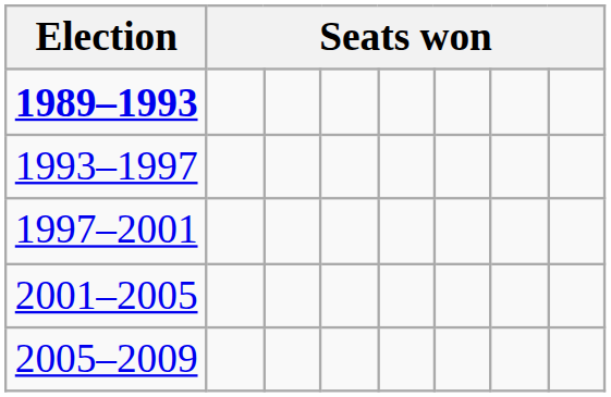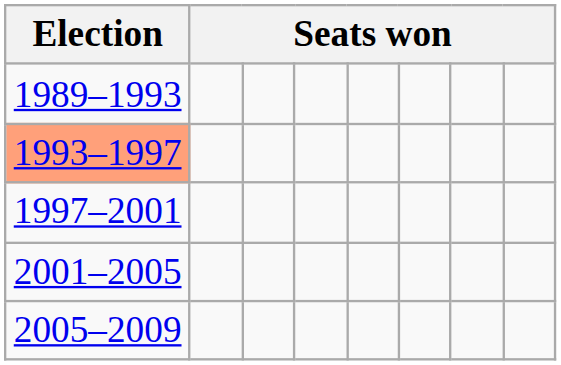 <table class="wikitable">
 <tr>
 <th>Election</th>
 <th colspan=7>Seats won</th>
 </tr>
 <tr>
-<td><strong><a href='#'>1989–1993</a></strong></td>
+<td><a href='#'>1989–1993</a></td>
 <td width=15 > </td>
 <td width=15 > </td>
 <td width=15 > </td>
 <td width=15 > </td>
 <td width=15 > </td>
 <td width=15 > </td>
 <td width=15 > </td>
 </tr>
 <tr>
-<td><a href='#'>1993–1997</a></td>
+<td style="background: lightsalmon;"><a href='#'>1993–1997</a></td>
 <td width=15 > </td>
 <td width=15 > </td>
 <td width=15 > </td>
 <td width=15 > </td>
 <td width=15 > </td>
 <td width=15 > </td>
 <td width=15 > </td>
 </tr>
 <tr>
 <td><a href='#'>1997–2001</a></td>
 <td width=15 > </td>
 <td width=15 > </td>
 <td width=15 > </td>
 <td width=15 > </td>
 <td width=15 > </td>
 <td width=15 > </td>
 <td width=15 > </td>
 </tr>
 <tr>
 <td><a href='#'>2001–2005</a></td>
 <td width=15 > </td>
 <td width=15 > </td>
 <td width=15 > </td>
 <td width=15 > </td>
 <td width=15 > </td>
 <td width=15 > </td>
 <td width=15 > </td>
 </tr>
 <tr>
 <td><a href='#'>2005–2009</a></td>
 <td width=15 > </td>
 <td width=15 > </td>
 <td width=15 > </td>
 <td width=15 > </td>
 <td width=15 > </td>
 <td width=15 > </td>
 <td width=15 > </td>
 </tr>
 </table>
